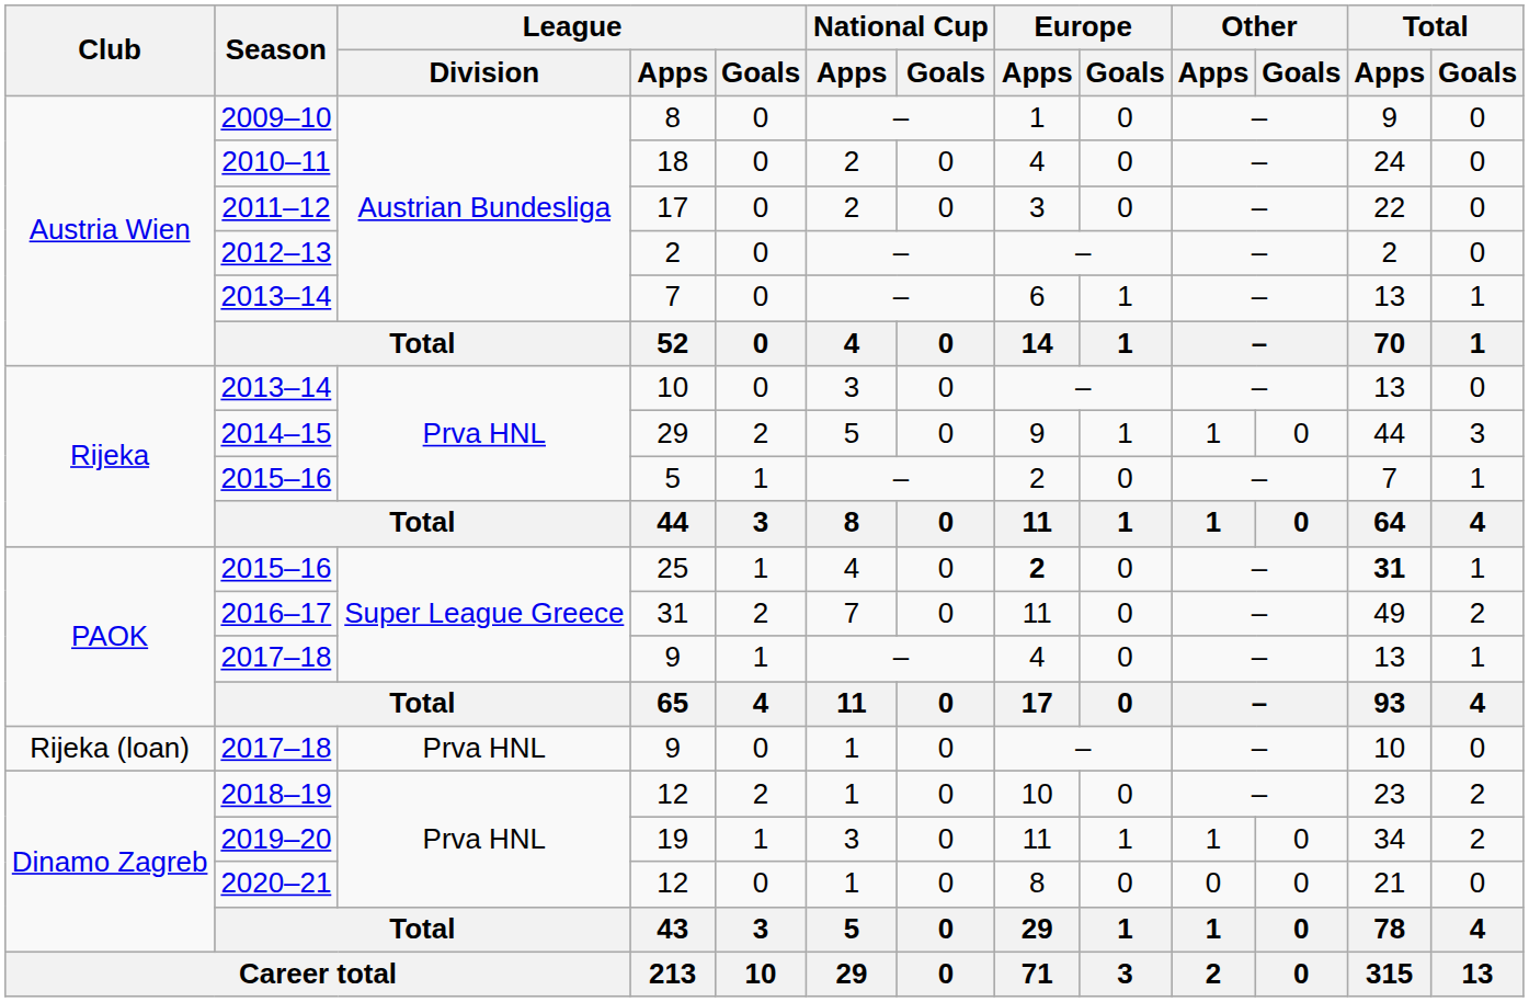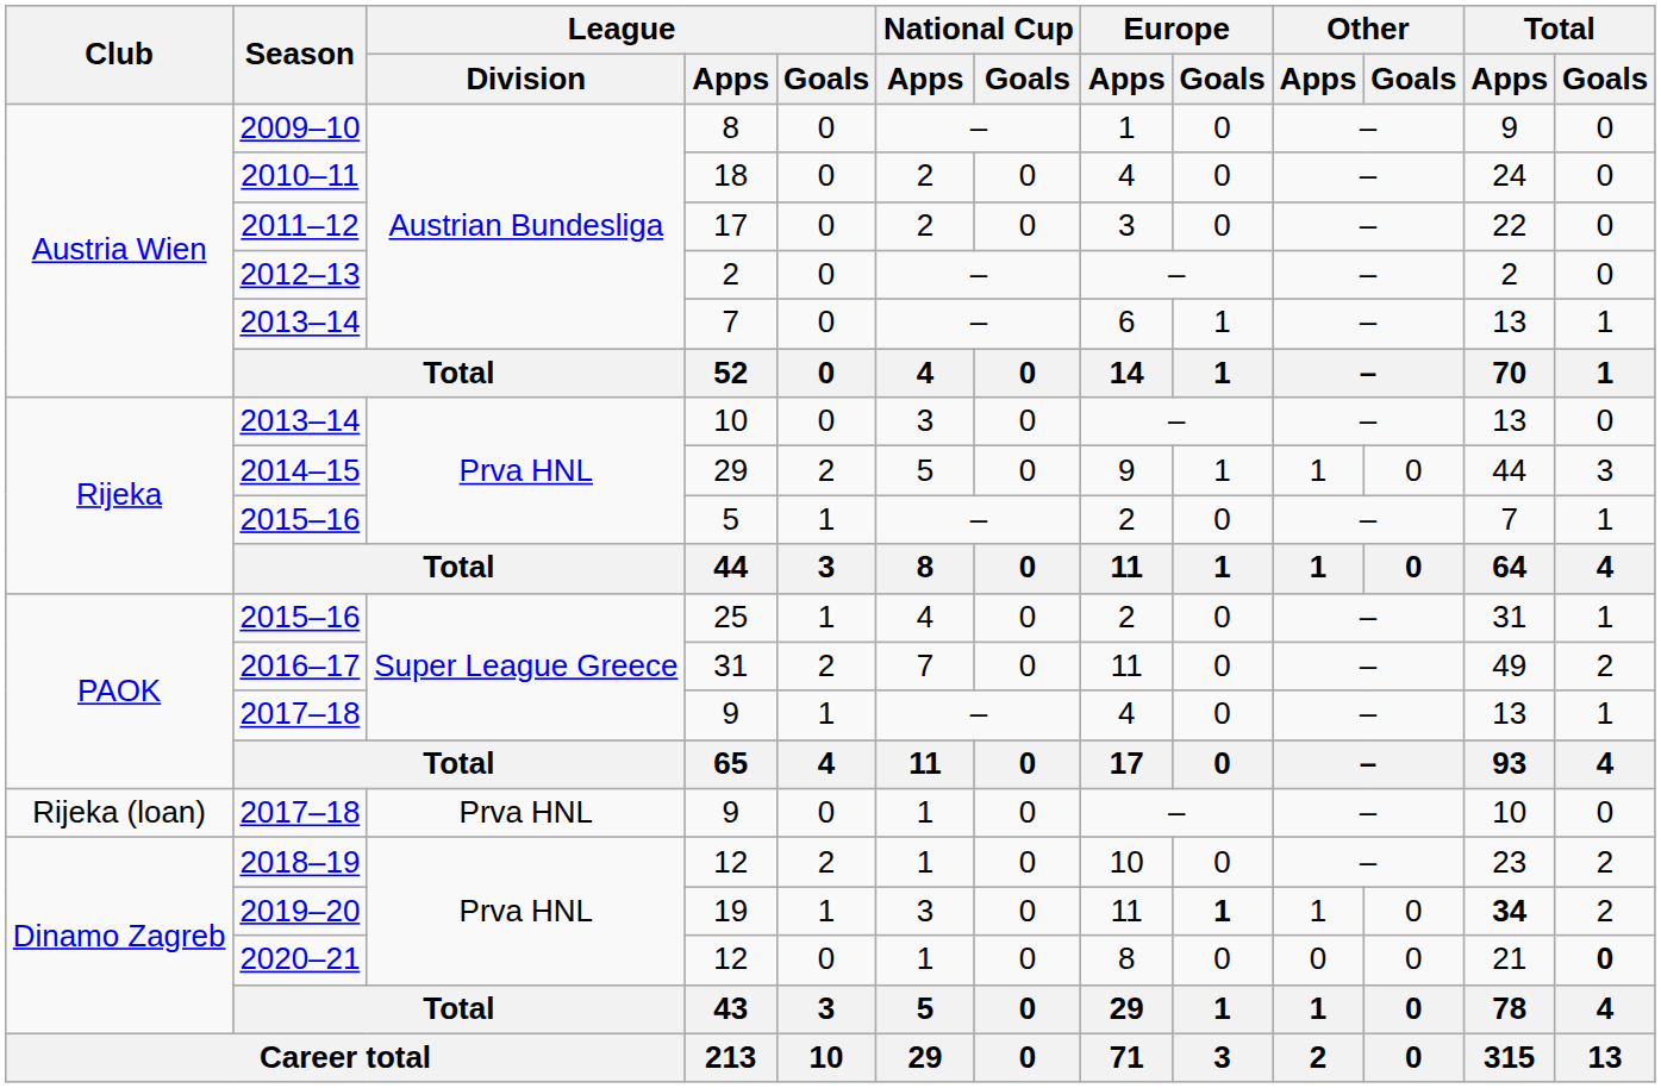 <table class=wikitable style=text-align:center>
 <tr>
 <th rowspan=2>Club</th>
 <th rowspan=2>Season</th>
 <th colspan=3>League</th>
 <th colspan=2>National Cup</th>
 <th colspan=2>Europe</th>
 <th colspan=2>Other</th>
 <th colspan=2>Total</th>
 </tr>
 <tr>
 <th>Division</th>
 <th>Apps</th>
 <th>Goals</th>
 <th>Apps</th>
 <th>Goals</th>
 <th>Apps</th>
 <th>Goals</th>
 <th>Apps</th>
 <th>Goals</th>
 <th>Apps</th>
 <th>Goals</th>
 </tr>
 <tr>
 <td rowspan="6" valign="center"><a href='#'>Austria Wien</a></td>
 <td><a href='#'>2009–10</a></td>
 <td rowspan="5"><a href='#'>Austrian Bundesliga</a></td>
 <td>8</td>
 <td>0</td>
 <td colspan="2">–</td>
 <td>1</td>
 <td>0</td>
 <td colspan="2">–</td>
 <td>9</td>
 <td>0</td>
 </tr>
 <tr>
 <td><a href='#'>2010–11</a></td>
 <td>18</td>
 <td>0</td>
 <td>2</td>
 <td>0</td>
 <td>4</td>
 <td>0</td>
 <td colspan="2">–</td>
 <td>24</td>
 <td>0</td>
 </tr>
 <tr>
 <td><a href='#'>2011–12</a></td>
 <td>17</td>
 <td>0</td>
 <td>2</td>
 <td>0</td>
 <td>3</td>
 <td>0</td>
 <td colspan="2">–</td>
 <td>22</td>
 <td>0</td>
 </tr>
 <tr>
 <td><a href='#'>2012–13</a></td>
 <td>2</td>
 <td>0</td>
 <td colspan="2">–</td>
 <td colspan="2">–</td>
 <td colspan="2">–</td>
 <td>2</td>
 <td>0</td>
 </tr>
 <tr>
 <td><a href='#'>2013–14</a></td>
 <td>7</td>
 <td>0</td>
 <td colspan="2">–</td>
 <td>6</td>
 <td>1</td>
 <td colspan="2">–</td>
 <td>13</td>
 <td>1</td>
 </tr>
 <tr>
 <th colspan="2">Total</th>
 <th>52</th>
 <th>0</th>
 <th>4</th>
 <th>0</th>
 <th>14</th>
 <th>1</th>
 <th colspan="2">–</th>
 <th>70</th>
 <th>1</th>
 </tr>
 <tr>
 <td rowspan="4" valign="center"><a href='#'>Rijeka</a></td>
 <td><a href='#'>2013–14</a></td>
 <td rowspan="3"><a href='#'>Prva HNL</a></td>
 <td>10</td>
 <td>0</td>
 <td>3</td>
 <td>0</td>
 <td colspan="2">–</td>
 <td colspan="2">–</td>
 <td>13</td>
 <td>0</td>
 </tr>
 <tr>
 <td><a href='#'>2014–15</a></td>
 <td>29</td>
 <td>2</td>
 <td>5</td>
 <td>0</td>
 <td>9</td>
 <td>1</td>
 <td>1</td>
 <td>0</td>
 <td>44</td>
 <td>3</td>
 </tr>
 <tr>
 <td><a href='#'>2015–16</a></td>
 <td>5</td>
 <td>1</td>
 <td colspan="2">–</td>
 <td>2</td>
 <td>0</td>
 <td colspan="2">–</td>
 <td>7</td>
 <td>1</td>
 </tr>
 <tr>
 <th colspan=2>Total</th>
 <th>44</th>
 <th>3</th>
 <th>8</th>
 <th>0</th>
 <th>11</th>
 <th>1</th>
 <th>1</th>
 <th>0</th>
 <th>64</th>
 <th>4</th>
 </tr>
 <tr>
 <td rowspan="4" valign="center"><a href='#'>PAOK</a></td>
 <td><a href='#'>2015–16</a></td>
 <td rowspan="3"><a href='#'>Super League Greece</a></td>
 <td>25</td>
 <td>1</td>
 <td>4</td>
 <td>0</td>
-<td><strong>2</strong></td>
+<td>2</td>
 <td>0</td>
 <td colspan="2">–</td>
-<td><strong>31</strong></td>
+<td>31</td>
 <td>1</td>
 </tr>
 <tr>
 <td><a href='#'>2016–17</a></td>
 <td>31</td>
 <td>2</td>
 <td>7</td>
 <td>0</td>
 <td>11</td>
 <td>0</td>
 <td colspan="2">–</td>
 <td>49</td>
 <td>2</td>
 </tr>
 <tr>
 <td><a href='#'>2017–18</a></td>
 <td>9</td>
 <td>1</td>
 <td colspan="2">–</td>
 <td>4</td>
 <td>0</td>
 <td colspan="2">–</td>
 <td>13</td>
 <td>1</td>
 </tr>
 <tr>
 <th colspan="2">Total</th>
 <th>65</th>
 <th>4</th>
 <th>11</th>
 <th>0</th>
 <th>17</th>
 <th>0</th>
 <th colspan="2">–</th>
 <th>93</th>
 <th>4</th>
 </tr>
 <tr>
 <td>Rijeka (loan)</td>
 <td><a href='#'>2017–18</a></td>
 <td>Prva HNL</td>
 <td>9</td>
 <td>0</td>
 <td>1</td>
 <td>0</td>
 <td colspan="2">–</td>
 <td colspan="2">–</td>
 <td>10</td>
 <td>0</td>
 </tr>
 <tr>
 <td rowspan="4"><a href='#'>Dinamo Zagreb</a></td>
 <td><a href='#'>2018–19</a></td>
 <td rowspan="3">Prva HNL</td>
 <td>12</td>
 <td>2</td>
 <td>1</td>
 <td>0</td>
 <td>10</td>
 <td>0</td>
 <td colspan="2">–</td>
 <td>23</td>
 <td>2</td>
 </tr>
 <tr>
 <td><a href='#'>2019–20</a></td>
 <td>19</td>
 <td>1</td>
 <td>3</td>
 <td>0</td>
 <td>11</td>
-<td>1</td>
+<td><strong>1</strong></td>
 <td>1</td>
 <td>0</td>
-<td>34</td>
+<td><strong>34</strong></td>
 <td>2</td>
 </tr>
 <tr>
 <td><a href='#'>2020–21</a></td>
 <td>12</td>
 <td>0</td>
 <td>1</td>
 <td>0</td>
 <td>8</td>
 <td>0</td>
 <td>0</td>
 <td>0</td>
 <td>21</td>
-<td>0</td>
+<td><strong>0</strong></td>
 </tr>
 <tr>
 <th colspan="2">Total</th>
 <th>43</th>
 <th>3</th>
 <th>5</th>
 <th>0</th>
 <th>29</th>
 <th>1</th>
 <th>1</th>
 <th>0</th>
 <th>78</th>
 <th>4</th>
 </tr>
 <tr>
 <th colspan="3">Career total</th>
 <th>213</th>
 <th>10</th>
 <th>29</th>
 <th>0</th>
 <th>71</th>
 <th>3</th>
 <th>2</th>
 <th>0</th>
 <th>315</th>
 <th>13</th>
 </tr>
 </table>
